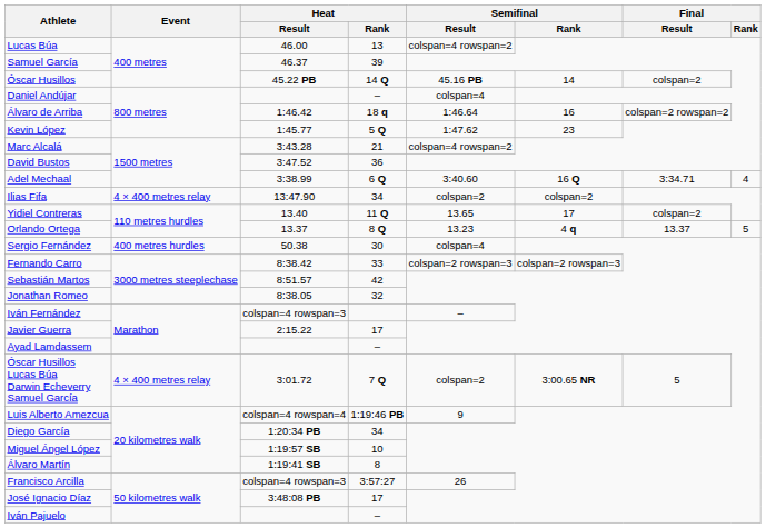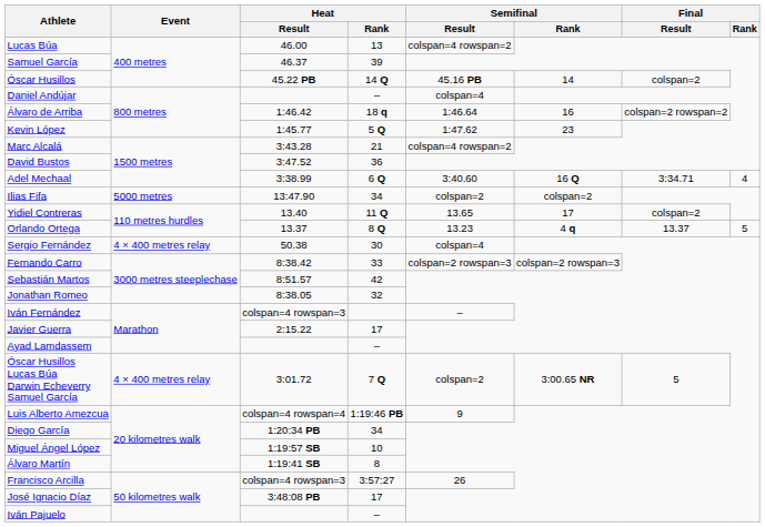 <table class="wikitable" style="font-size:90%">
 <tr>
 <th rowspan="2">Athlete</th>
 <th rowspan="2">Event</th>
 <th colspan="2">Heat</th>
 <th colspan="2">Semifinal</th>
 <th colspan="2">Final</th>
 </tr>
 <tr style="font-size:95%">
 <th>Result</th>
 <th>Rank</th>
 <th>Result</th>
 <th>Rank</th>
 <th>Result</th>
 <th>Rank</th>
 </tr>
 <tr style=text-align:center>
 <td style=text-align:left><a href='#'>Lucas Búa</a></td>
 <td style=text-align:left rowspan=3><a href='#'>400 metres</a></td>
 <td>46.00</td>
 <td>13</td>
 <td>colspan=4 rowspan=2 </td>
 </tr>
 <tr style=text-align:center>
 <td style=text-align:left><a href='#'>Samuel García</a></td>
 <td>46.37</td>
 <td>39</td>
 </tr>
 <tr style=text-align:center>
 <td style=text-align:left><a href='#'>Óscar Husillos</a></td>
 <td>45.22 <strong>PB</strong></td>
 <td>14 <strong>Q</strong></td>
 <td>45.16 <strong>PB</strong></td>
 <td>14</td>
 <td>colspan=2 </td>
 </tr>
 <tr style=text-align:center>
 <td style=text-align:left><a href='#'>Daniel Andújar</a></td>
 <td style=text-align:left rowspan=3><a href='#'>800 metres</a></td>
 <td></td>
 <td>–</td>
 <td>colspan=4 </td>
 </tr>
 <tr style=text-align:center>
 <td style=text-align:left><a href='#'>Álvaro de Arriba</a></td>
 <td>1:46.42</td>
 <td>18 <strong>q</strong></td>
 <td>1:46.64</td>
 <td>16</td>
 <td>colspan=2 rowspan=2 </td>
 </tr>
 <tr style=text-align:center>
 <td style=text-align:left><a href='#'>Kevin López</a></td>
 <td>1:45.77</td>
 <td>5 <strong>Q</strong></td>
 <td>1:47.62</td>
 <td>23</td>
 </tr>
 <tr style=text-align:center>
 <td style=text-align:left><a href='#'>Marc Alcalá</a></td>
 <td style=text-align:left rowspan=3><a href='#'>1500 metres</a></td>
 <td>3:43.28</td>
 <td>21</td>
 <td>colspan=4 rowspan=2 </td>
 </tr>
 <tr style=text-align:center>
 <td style=text-align:left><a href='#'>David Bustos</a></td>
 <td>3:47.52</td>
 <td>36</td>
 </tr>
 <tr style=text-align:center>
 <td style=text-align:left><a href='#'>Adel Mechaal</a></td>
 <td>3:38.99</td>
 <td>6 <strong>Q</strong></td>
 <td>3:40.60</td>
 <td>16 <strong>Q</strong></td>
 <td>3:34.71</td>
 <td>4</td>
 </tr>
 <tr style=text-align:center>
 <td style=text-align:left><a href='#'>Ilias Fifa</a></td>
-<td style=text-align:left><a href='#'>4 × 400 metres relay</a></td>
+<td style=text-align:left><a href='#'>5000 metres</a></td>
 <td>13:47.90</td>
 <td>34</td>
 <td>colspan=2 </td>
 <td>colspan=2 </td>
 </tr>
 <tr style=text-align:center>
 <td style=text-align:left><a href='#'>Yidiel Contreras</a></td>
 <td style=text-align:left rowspan=2><a href='#'>110 metres hurdles</a></td>
 <td>13.40</td>
 <td>11 <strong>Q</strong></td>
 <td>13.65</td>
 <td>17</td>
 <td>colspan=2 </td>
 </tr>
 <tr style=text-align:center>
 <td style=text-align:left><a href='#'>Orlando Ortega</a></td>
 <td>13.37</td>
 <td>8 <strong>Q</strong></td>
 <td>13.23</td>
 <td>4 <strong>q</strong></td>
 <td>13.37</td>
 <td>5</td>
 </tr>
 <tr style=text-align:center>
 <td style=text-align:left><a href='#'>Sergio Fernández</a></td>
-<td style=text-align:left><a href='#'>400 metres hurdles</a></td>
+<td style=text-align:left><a href='#'>4 × 400 metres relay</a></td>
 <td>50.38</td>
 <td>30</td>
 <td>colspan=4 </td>
 </tr>
 <tr style=text-align:center>
 <td style=text-align:left><a href='#'>Fernando Carro</a></td>
 <td style=text-align:left rowspan=3><a href='#'>3000 metres steeplechase</a></td>
 <td>8:38.42</td>
 <td>33</td>
 <td>colspan=2 rowspan=3 </td>
 <td>colspan=2 rowspan=3 </td>
 </tr>
 <tr style=text-align:center>
 <td style=text-align:left><a href='#'>Sebastián Martos</a></td>
 <td>8:51.57</td>
 <td>42</td>
 </tr>
 <tr style=text-align:center>
 <td style=text-align:left><a href='#'>Jonathan Romeo</a></td>
 <td>8:38.05</td>
 <td>32</td>
 </tr>
 <tr style=text-align:center>
 <td style=text-align:left><a href='#'>Iván Fernández</a></td>
 <td style=text-align:left rowspan=3><a href='#'>Marathon</a></td>
 <td>colspan=4 rowspan=3</td>
 <td></td>
 <td>–</td>
 </tr>
 <tr style=text-align:center>
 <td style=text-align:left><a href='#'>Javier Guerra</a></td>
 <td>2:15.22</td>
 <td>17</td>
 </tr>
 <tr style=text-align:center>
 <td style=text-align:left><a href='#'>Ayad Lamdassem</a></td>
 <td></td>
 <td>–</td>
 </tr>
 <tr style=text-align:center>
 <td style=text-align:left><a href='#'>Óscar Husillos</a><br><a href='#'>Lucas Búa</a><br><a href='#'>Darwin Echeverry</a><br><a href='#'>Samuel García</a></td>
 <td style=text-align:left><a href='#'>4 × 400 metres relay</a></td>
 <td>3:01.72</td>
 <td>7 <strong>Q</strong></td>
 <td>colspan=2 </td>
 <td>3:00.65 <strong>NR</strong></td>
 <td>5</td>
 </tr>
 <tr style=text-align:center>
 <td style=text-align:left><a href='#'>Luis Alberto Amezcua</a></td>
 <td style=text-align:left rowspan=4><a href='#'>20 kilometres walk</a></td>
 <td>colspan=4 rowspan=4</td>
 <td>1:19:46 <strong>PB</strong></td>
 <td>9</td>
 </tr>
 <tr style=text-align:center>
 <td style=text-align:left><a href='#'>Diego García</a></td>
 <td>1:20:34 <strong>PB</strong></td>
 <td>34</td>
 </tr>
 <tr style=text-align:center>
 <td style=text-align:left><a href='#'>Miguel Ángel López</a></td>
 <td>1:19:57 <strong>SB</strong></td>
 <td>10</td>
 </tr>
 <tr style=text-align:center>
 <td style=text-align:left><a href='#'>Álvaro Martín</a></td>
 <td>1:19:41 <strong>SB</strong></td>
 <td>8</td>
 </tr>
 <tr style=text-align:center>
 <td style=text-align:left><a href='#'>Francisco Arcilla</a></td>
 <td style=text-align:left rowspan=3><a href='#'>50 kilometres walk</a></td>
 <td>colspan=4 rowspan=3 </td>
 <td>3:57:27</td>
 <td>26</td>
 </tr>
 <tr style=text-align:center>
 <td style=text-align:left><a href='#'>José Ignacio Díaz</a></td>
 <td>3:48:08 <strong>PB</strong></td>
 <td>17</td>
 </tr>
 <tr style=text-align:center>
 <td style=text-align:left><a href='#'>Iván Pajuelo</a></td>
 <td></td>
 <td>–</td>
 </tr>
 </table>
